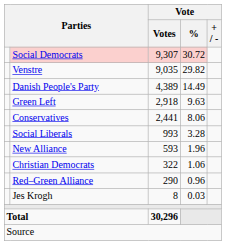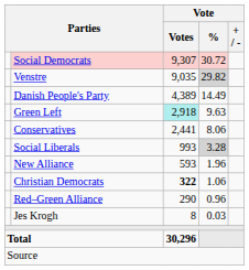 <table class="wikitable" style="text-align:right;">
 <tr>
 <th style="text-align:centre;" rowspan="2" colspan="2" width="225">Parties</th>
 <th colspan="3">Vote</th>
 </tr>
 <tr>
 <th width="15">Votes</th>
 <th width="15">%</th>
 <th width="15">+ / -</th>
 </tr>
 <tr>
 <td width="2" style="color:inherit;background:"></td>
 <td bgcolor=#fbd0ce  align="left"><a href='#'>Social Democrats</a></td>
 <td bgcolor=#fbd0ce>9,307</td>
 <td bgcolor=#fbd0ce>30.72</td>
 <td></td>
 </tr>
 <tr>
 <td width="2" style="color:inherit;background:"></td>
 <td align="left"><a href='#'>Venstre</a></td>
 <td>9,035</td>
-<td>29.82</td>
+<td style="background: lightgrey;">29.82</td>
 <td></td>
 </tr>
 <tr>
 <td width="2" style="color:inherit;background:"></td>
 <td align="left"><a href='#'>Danish People's Party</a></td>
 <td>4,389</td>
 <td>14.49</td>
 <td></td>
 </tr>
 <tr>
 <td width="2" style="color:inherit;background:"></td>
 <td align="left"><a href='#'>Green Left</a></td>
-<td>2,918</td>
+<td style="background: paleturquoise;">2,918</td>
 <td>9.63</td>
 <td></td>
 </tr>
 <tr>
 <td width="2" style="color:inherit;background:"></td>
 <td align="left"><a href='#'>Conservatives</a></td>
 <td>2,441</td>
 <td>8.06</td>
 <td></td>
 </tr>
 <tr>
 <td width="2" style="color:inherit;background:"></td>
 <td align="left"><a href='#'>Social Liberals</a></td>
 <td>993</td>
-<td>3.28</td>
+<td style="background: lightgrey;">3.28</td>
 <td></td>
 </tr>
 <tr>
 <td width="2" style="color:inherit;background:"></td>
 <td align="left"><a href='#'>New Alliance</a></td>
 <td>593</td>
 <td>1.96</td>
 <td></td>
 </tr>
 <tr>
 <td width="2" style="color:inherit;background:"></td>
 <td align="left"><a href='#'>Christian Democrats</a></td>
-<td>322</td>
+<td><strong>322</strong></td>
 <td>1.06</td>
 <td></td>
 </tr>
 <tr>
 <td width="2" style="color:inherit;background:"></td>
 <td align="left"><a href='#'>Red–Green Alliance</a></td>
 <td>290</td>
 <td>0.96</td>
 <td></td>
 </tr>
 <tr>
 <td width="2" style="color:inherit;background:"></td>
 <td align="left">Jes Krogh</td>
 <td>8</td>
 <td>0.03</td>
 <td></td>
 </tr>
 <tr>
 <td colspan="7" bgcolor="#E9E9E9"></td>
 </tr>
 <tr>
 <td align="left" colspan="2"><strong>Total</strong></td>
 <td><strong>30,296</strong></td>
 <td bgcolor="#E9E9E9" colspan="2"></td>
 </tr>
 <tr>
 <td align="left" colspan="6">Source</td>
 </tr>
 </table>
